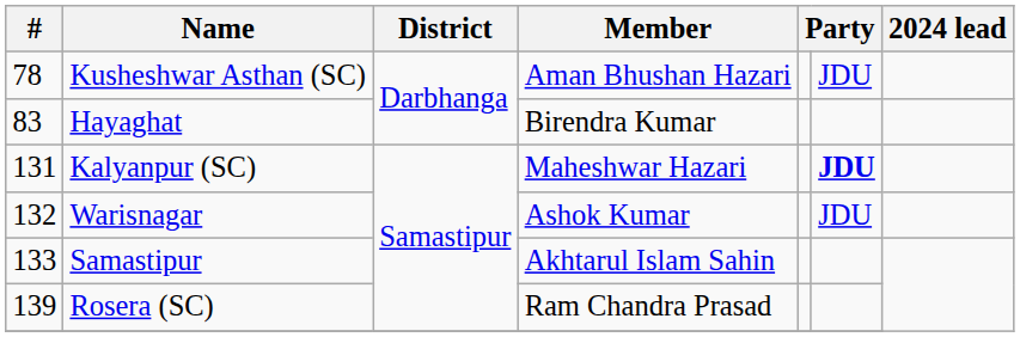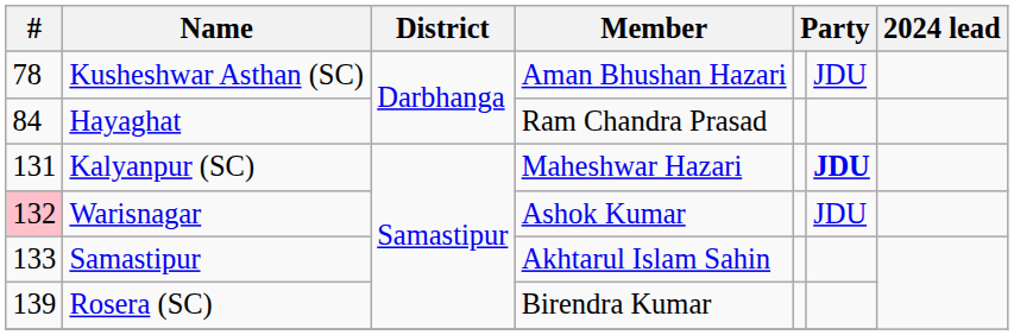 <table class="wikitable">
 <tr>
 <th>#</th>
 <th>Name</th>
 <th>District</th>
 <th>Member</th>
 <th colspan="2">Party</th>
 <th colspan="2">2024 lead</th>
 </tr>
 <tr>
 <td>78</td>
 <td><a href='#'>Kusheshwar Asthan</a> (SC)</td>
 <td rowspan="2"><a href='#'>Darbhanga</a></td>
 <td><a href='#'>Aman Bhushan Hazari</a></td>
 <td style="background-color: "></td>
 <td><a href='#'>JDU</a></td>
 <td></td>
 </tr>
 <tr>
-<td>83</td>
+<td>84</td>
 <td><a href='#'>Hayaghat</a></td>
-<td>Birendra Kumar</td>
+<td>Ram Chandra Prasad</td>
 <td></td>
 <td></td>
 </tr>
 <tr>
 <td>131</td>
 <td><a href='#'>Kalyanpur</a> (SC)</td>
 <td rowspan="4"><a href='#'>Samastipur</a></td>
 <td><a href='#'>Maheshwar Hazari</a></td>
 <td style="background-color: "></td>
 <td><strong><a href='#'>JDU</a></strong></td>
 <td></td>
 </tr>
 <tr>
-<td>132</td>
+<td style="background: pink;">132</td>
 <td><a href='#'>Warisnagar</a></td>
 <td><a href='#'>Ashok Kumar</a></td>
 <td style="background-color: "></td>
 <td><a href='#'>JDU</a></td>
 <td></td>
 </tr>
 <tr>
 <td>133</td>
 <td><a href='#'>Samastipur</a></td>
 <td><a href='#'>Akhtarul Islam Sahin</a></td>
 <td></td>
 <td></td>
 </tr>
 <tr>
 <td>139</td>
 <td><a href='#'>Rosera</a> (SC)</td>
-<td>Ram Chandra Prasad</td>
+<td>Birendra Kumar</td>
 <td></td>
 <td></td>
 </tr>
 <tr>
 </tr>
 </table>
